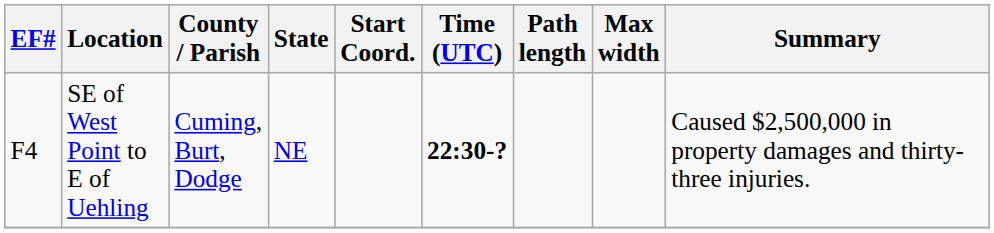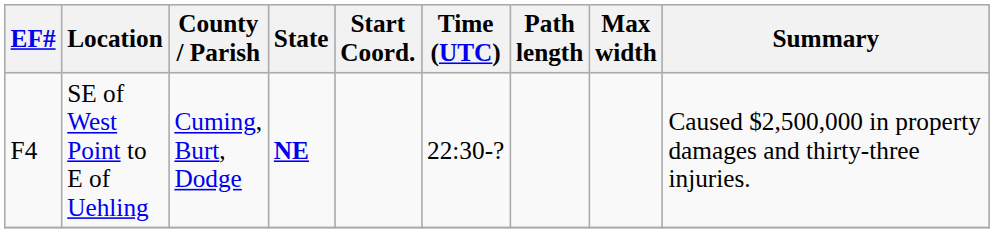 <table class="wikitable sortable" style="width:100%;">
 <tr>
 <th scope="col"  style="width:3%; text-align:center;"><a href='#'>EF#</a></th>
 <th scope="col"  style="width:7%; text-align:center;" class="unsortable">Location</th>
 <th scope="col"  style="width:6%; text-align:center;" class="unsortable">County / Parish</th>
 <th scope="col"  style="width:5%; text-align:center;">State</th>
 <th scope="col"  style="width:6%; text-align:center;">Start Coord.</th>
 <th scope="col"  style="width:6%; text-align:center;">Time (<a href='#'>UTC</a>)</th>
 <th scope="col"  style="width:6%; text-align:center;">Path length</th>
 <th scope="col"  style="width:6%; text-align:center;">Max width</th>
 <th scope="col" class="unsortable" style="width:48%; text-align:center;">Summary</th>
 </tr>
 <tr>
 <td bgcolor=>F4</td>
 <td>SE of <a href='#'>West Point</a> to E of <a href='#'>Uehling</a></td>
 <td><a href='#'>Cuming</a>, <a href='#'>Burt</a>, <a href='#'>Dodge</a></td>
-<td><a href='#'>NE</a></td>
+<td><strong><a href='#'>NE</a></strong></td>
 <td></td>
-<td><strong>22:30-?</strong></td>
+<td>22:30-?</td>
 <td></td>
 <td></td>
 <td>Caused $2,500,000 in property damages and thirty-three injuries.</td>
 </tr>
 <tr>
 </tr>
 </table>
